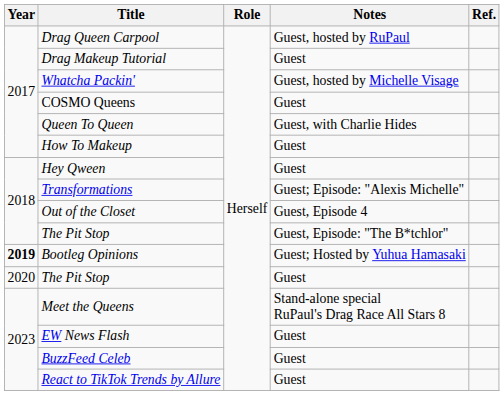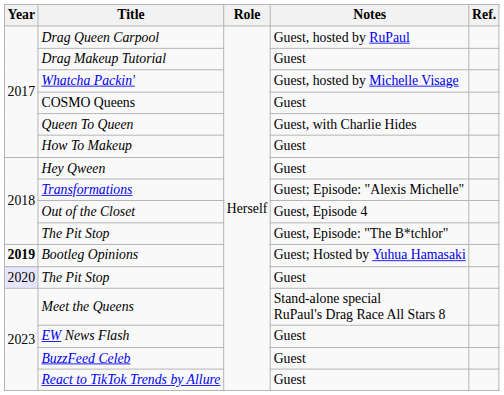 <table class="wikitable">
 <tr>
 <th>Year</th>
 <th>Title</th>
 <th>Role</th>
 <th>Notes</th>
 <th>Ref.</th>
 </tr>
 <tr>
 <td rowspan="6">2017</td>
 <td><em>Drag Queen Carpool</em></td>
 <td rowspan="16">Herself</td>
 <td>Guest, hosted by <a href='#'>RuPaul</a></td>
 <td></td>
 </tr>
 <tr>
 <td><em>Drag Makeup Tutorial</em></td>
 <td>Guest</td>
 <td></td>
 </tr>
 <tr>
 <td><em><a href='#'>Whatcha Packin'</a></em></td>
 <td>Guest, hosted by <a href='#'>Michelle Visage</a></td>
 <td></td>
 </tr>
 <tr>
 <td>COSMO Queens</td>
 <td>Guest</td>
 <td></td>
 </tr>
 <tr>
 <td><em>Queen To Queen</em></td>
 <td>Guest, with Charlie Hides</td>
 <td></td>
 </tr>
 <tr>
 <td><em>How To Makeup</em></td>
 <td>Guest</td>
 <td></td>
 </tr>
 <tr>
 <td rowspan="4">2018</td>
 <td><em>Hey Qween</em></td>
 <td>Guest</td>
 <td></td>
 </tr>
 <tr>
 <td><em><a href='#'>Transformations</a></em></td>
 <td>Guest; Episode: "Alexis Michelle"</td>
 <td></td>
 </tr>
 <tr>
 <td><em>Out of the Closet</em></td>
 <td>Guest, Episode 4</td>
 <td></td>
 </tr>
 <tr>
 <td><em>The Pit Stop</em></td>
 <td>Guest, Episode: "The B*tchlor"</td>
 <td></td>
 </tr>
 <tr>
 <td><strong>2019</strong></td>
 <td><em>Bootleg Opinions</em></td>
 <td>Guest; Hosted by <a href='#'>Yuhua Hamasaki</a></td>
 <td></td>
 </tr>
 <tr>
-<td>2020</td>
+<td style="background: lavender;">2020</td>
 <td><em>The Pit Stop</em></td>
 <td>Guest</td>
 <td></td>
 </tr>
 <tr>
 <td rowspan="4">2023</td>
 <td><em>Meet the Queens</em></td>
 <td>Stand-alone special<br> RuPaul's Drag Race All Stars 8</td>
 <td></td>
 </tr>
 <tr>
 <td><em><a href='#'>EW</a> News Flash</em></td>
 <td>Guest</td>
 <td></td>
 </tr>
 <tr>
 <td><em><a href='#'>BuzzFeed Celeb</a></em></td>
 <td>Guest</td>
 <td></td>
 </tr>
 <tr>
 <td><em><a href='#'>React to TikTok Trends by Allure</a></em></td>
 <td>Guest</td>
 <td></td>
 </tr>
 </table>
